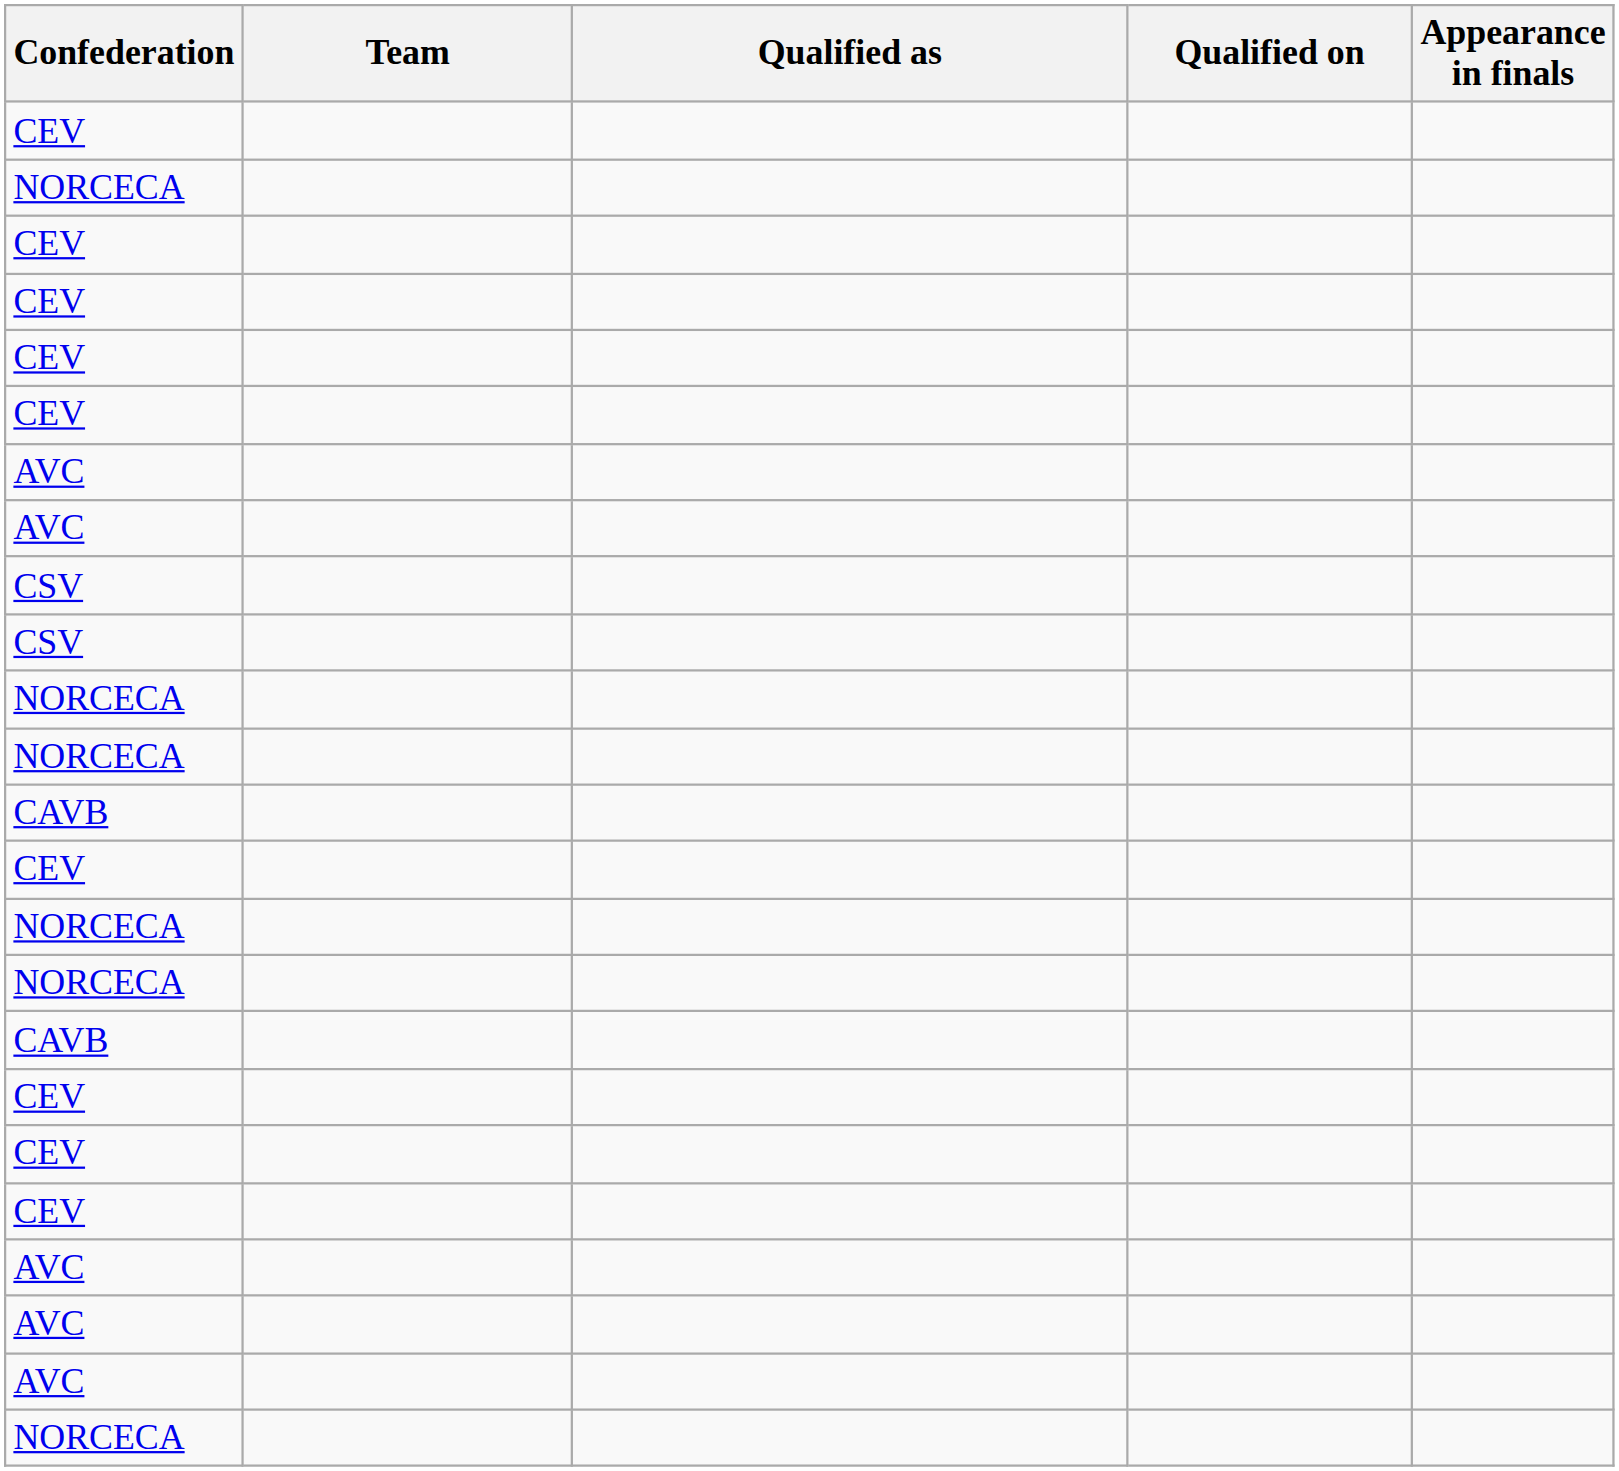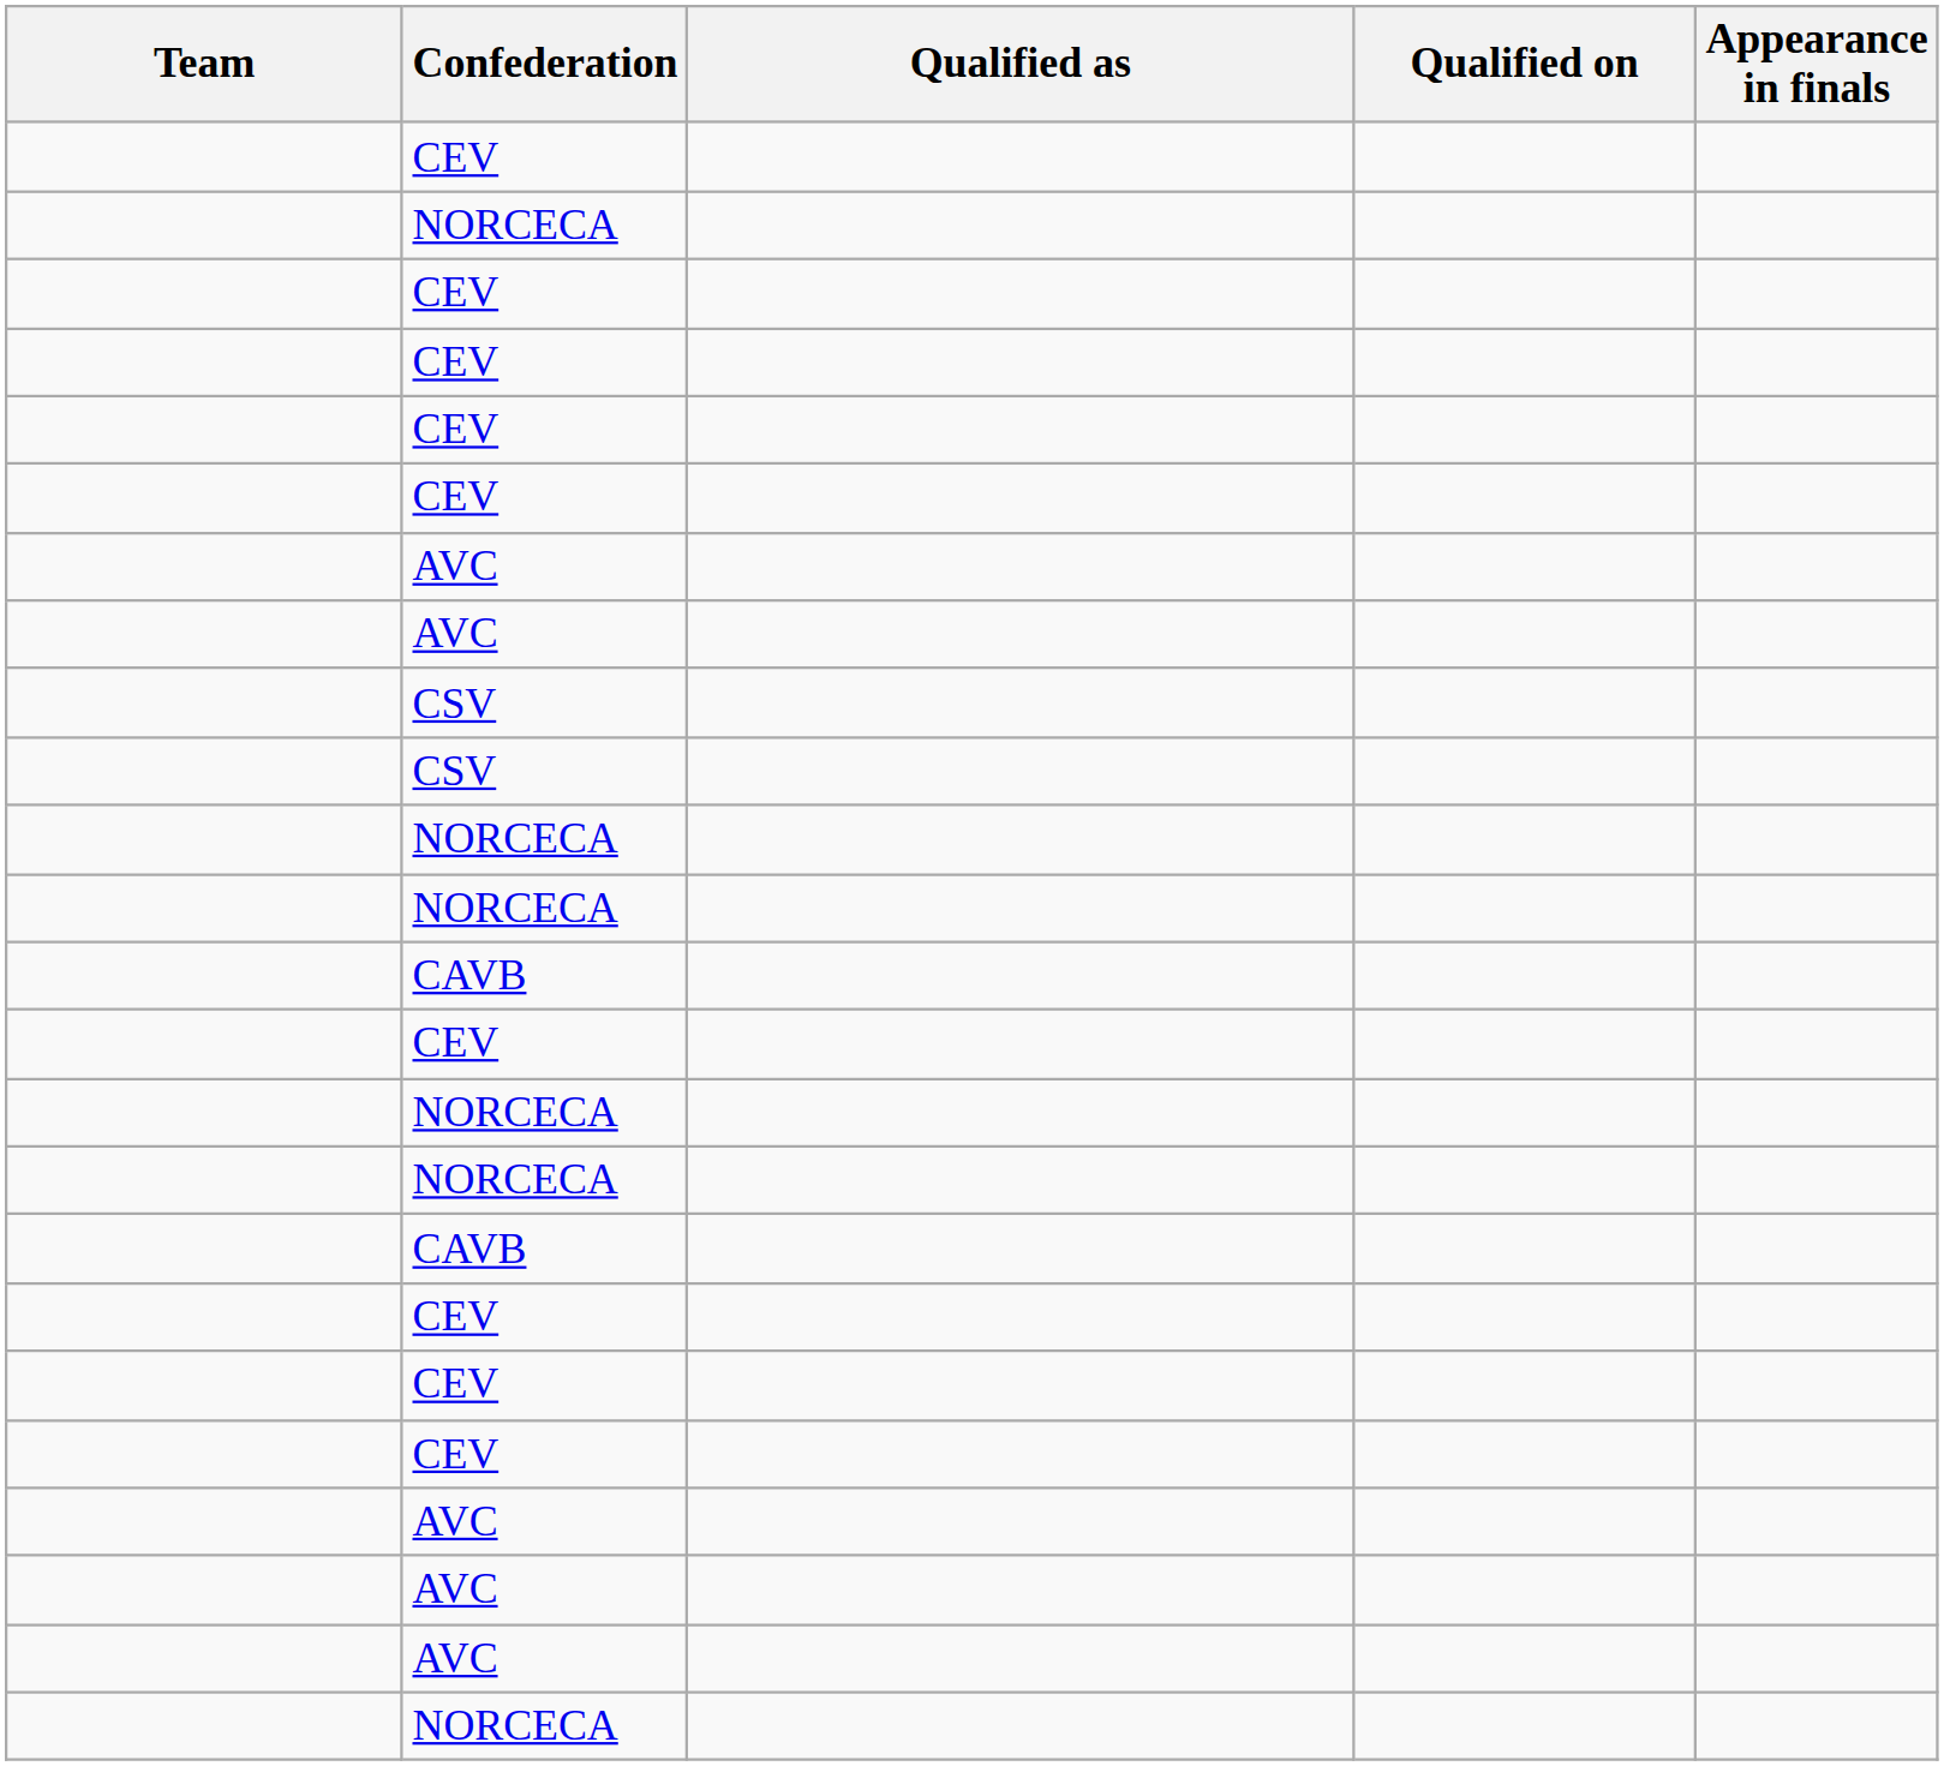 <table class="wikitable sortable" style="text-align: left;">
 <tr>
+<th width="140">Team</th>
 <th width="80">Confederation</th>
-<th width="140">Team</th>
 <th width="240">Qualified as</th>
 <th width="120">Qualified on</th>
 <th width="70">Appearance<br>in finals</th>
 </tr>
 <tr>
+<td></td>
 <td><a href='#'>CEV</a></td>
-<td></td>
 <td></td>
 <td></td>
 <td></td>
 </tr>
 <tr>
+<td></td>
 <td><a href='#'>NORCECA</a></td>
-<td></td>
 <td></td>
 <td></td>
 <td></td>
 </tr>
 <tr>
+<td></td>
 <td><a href='#'>CEV</a></td>
-<td></td>
 <td></td>
 <td></td>
 <td></td>
 </tr>
 <tr>
+<td></td>
 <td><a href='#'>CEV</a></td>
-<td></td>
 <td></td>
 <td></td>
 <td></td>
 </tr>
 <tr>
+<td></td>
 <td><a href='#'>CEV</a></td>
-<td></td>
 <td></td>
 <td></td>
 <td></td>
 </tr>
 <tr>
+<td></td>
 <td><a href='#'>CEV</a></td>
-<td></td>
 <td></td>
 <td></td>
 <td></td>
 </tr>
 <tr>
+<td></td>
 <td><a href='#'>AVC</a></td>
-<td></td>
 <td></td>
 <td></td>
 <td></td>
 </tr>
 <tr>
+<td></td>
 <td><a href='#'>AVC</a></td>
-<td></td>
 <td></td>
 <td></td>
 <td></td>
 </tr>
 <tr>
+<td></td>
 <td><a href='#'>CSV</a></td>
-<td></td>
 <td></td>
 <td></td>
 <td></td>
 </tr>
 <tr>
+<td></td>
 <td><a href='#'>CSV</a></td>
-<td></td>
 <td></td>
 <td></td>
 <td></td>
 </tr>
 <tr>
+<td></td>
 <td><a href='#'>NORCECA</a></td>
-<td></td>
 <td></td>
 <td></td>
 <td></td>
 </tr>
 <tr>
+<td></td>
 <td><a href='#'>NORCECA</a></td>
-<td></td>
 <td></td>
 <td></td>
 <td></td>
 </tr>
 <tr>
+<td></td>
 <td><a href='#'>CAVB</a></td>
-<td></td>
 <td></td>
 <td></td>
 <td></td>
 </tr>
 <tr>
+<td></td>
 <td><a href='#'>CEV</a></td>
-<td></td>
 <td></td>
 <td></td>
 <td></td>
 </tr>
 <tr>
+<td></td>
 <td><a href='#'>NORCECA</a></td>
-<td></td>
 <td></td>
 <td></td>
 <td></td>
 </tr>
 <tr>
+<td></td>
 <td><a href='#'>NORCECA</a></td>
-<td></td>
 <td></td>
 <td></td>
 <td></td>
 </tr>
 <tr>
+<td></td>
 <td><a href='#'>CAVB</a></td>
-<td></td>
 <td></td>
 <td></td>
 <td></td>
 </tr>
 <tr>
+<td></td>
 <td><a href='#'>CEV</a></td>
-<td></td>
 <td></td>
 <td></td>
 <td></td>
 </tr>
 <tr>
+<td></td>
 <td><a href='#'>CEV</a></td>
-<td></td>
 <td></td>
 <td></td>
 <td></td>
 </tr>
 <tr>
+<td></td>
 <td><a href='#'>CEV</a></td>
-<td></td>
 <td></td>
 <td></td>
 <td></td>
 </tr>
 <tr>
+<td></td>
 <td><a href='#'>AVC</a></td>
-<td></td>
 <td></td>
 <td></td>
 <td></td>
 </tr>
 <tr>
+<td></td>
 <td><a href='#'>AVC</a></td>
-<td></td>
 <td></td>
 <td></td>
 <td></td>
 </tr>
 <tr>
+<td></td>
 <td><a href='#'>AVC</a></td>
-<td></td>
 <td></td>
 <td></td>
 <td></td>
 </tr>
 <tr>
+<td></td>
 <td><a href='#'>NORCECA</a></td>
-<td></td>
 <td></td>
 <td></td>
 <td></td>
 </tr>
 </table>
